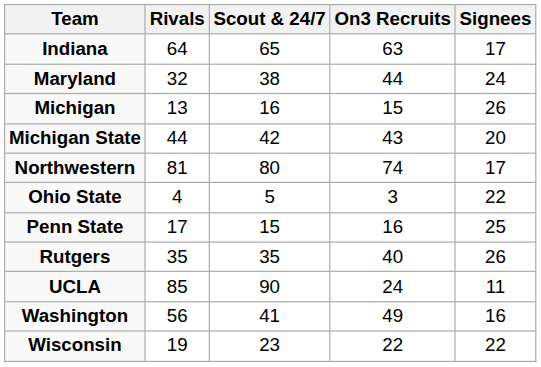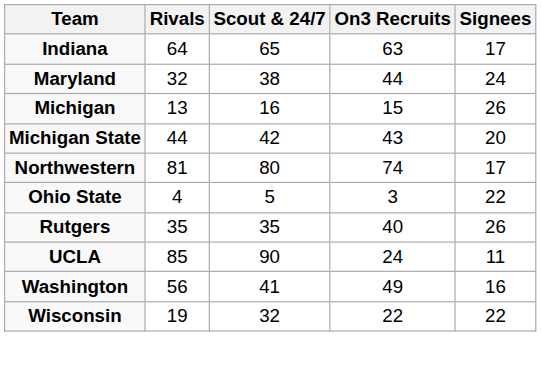 <table class="sortable wikitable">
 <tr>
 <th>Team</th>
 <th>Rivals</th>
 <th>Scout & 24/7</th>
 <th>On3 Recruits</th>
 <th>Signees</th>
 </tr>
 <tr style="text-align:center;">
 <td><strong>Indiana</strong></td>
 <td style="text-align:center; background:white">64</td>
 <td style="text-align:center; background:white">65</td>
 <td style="text-align:center; background:white">63</td>
 <td style="text-align:center; background:white">17</td>
 </tr>
 <tr style="text-align:center;">
 <td><strong>Maryland</strong></td>
 <td style="text-align:center; background:white">32</td>
 <td style="text-align:center; background:white">38</td>
 <td style="text-align:center; background:white">44</td>
 <td style="text-align:center; background:white">24</td>
 </tr>
 <tr style="text-align:center;">
 <td><strong>Michigan</strong></td>
 <td style="text-align:center; background:white">13</td>
 <td style="text-align:center; background:white">16</td>
 <td style="text-align:center; background:white">15</td>
 <td style="text-align:center; background:white">26</td>
 </tr>
 <tr style="text-align:center;">
 <td><strong>Michigan State</strong></td>
 <td style="text-align:center; background:white">44</td>
 <td style="text-align:center; background:white">42</td>
 <td style="text-align:center; background:white">43</td>
 <td style="text-align:center; background:white">20</td>
 </tr>
 <tr style="text-align:center;">
 <td><strong>Northwestern</strong></td>
 <td style="text-align:center; background:white">81</td>
 <td style="text-align:center; background:white">80</td>
 <td style="text-align:center; background:white">74</td>
 <td style="text-align:center; background:white">17</td>
 </tr>
 <tr style="text-align:center;">
 <td><strong>Ohio State</strong></td>
 <td style="text-align:center; background:white">4</td>
 <td style="text-align:center; background:white">5</td>
 <td style="text-align:center; background:white">3</td>
 <td style="text-align:center; background:white">22</td>
 </tr>
 <tr style="text-align:center;">
-<td><strong>Penn State</strong></td>
-<td style="text-align:center; background:white">17</td>
-<td style="text-align:center; background:white">15</td>
-<td style="text-align:center; background:white">16</td>
-<td style="text-align:center; background:white">25</td>
-</tr>
-<tr style="text-align:center;">
 <td><strong>Rutgers</strong></td>
 <td style="text-align:center; background:white">35</td>
 <td style="text-align:center; background:white">35</td>
 <td style="text-align:center; background:white">40</td>
 <td style="text-align:center; background:white">26</td>
 </tr>
 <tr style="text-align:center;">
 <td><strong>UCLA</strong></td>
 <td style="text-align:center; background:white">85</td>
 <td style="text-align:center; background:white">90</td>
 <td style="text-align:center; background:white">24</td>
 <td style="text-align:center; background:white">11</td>
 </tr>
 <tr style="text-align:center;">
 <td><strong>Washington</strong></td>
 <td style="text-align:center; background:white">56</td>
 <td style="text-align:center; background:white">41</td>
 <td style="text-align:center; background:white">49</td>
 <td style="text-align:center; background:white">16</td>
 </tr>
 <tr style="text-align:center;">
 <td><strong>Wisconsin</strong></td>
 <td style="text-align:center; background:white">19</td>
-<td style="text-align:center; background:white">23</td>
+<td style="text-align:center; background:white">32</td>
 <td style="text-align:center; background:white">22</td>
 <td style="text-align:center; background:white">22</td>
 </tr>
 </table>
